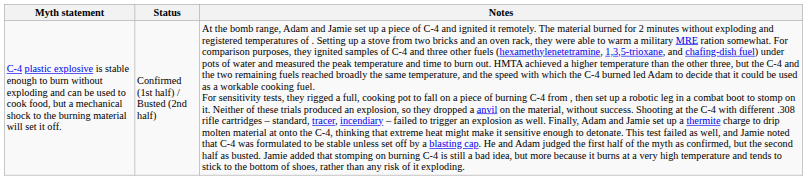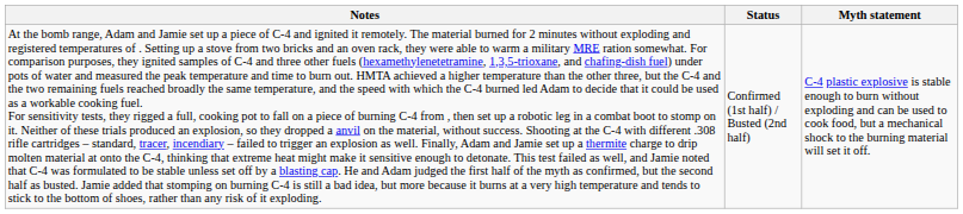 <table class="wikitable plainrowheaders">
 <tr>
+<th>Notes</th>
+<th>Status</th>
 <th>Myth statement</th>
-<th>Status</th>
-<th>Notes</th>
 </tr>
 <tr>
+<td>At the bomb range, Adam and Jamie set up a piece of C-4 and ignited it remotely. The material burned for 2 minutes without exploding and registered temperatures of . Setting up a stove from two bricks and an oven rack, they were able to warm a military <a href='#'>MRE</a> ration somewhat. For comparison purposes, they ignited  samples of C-4 and three other fuels (<a href='#'>hexamethylenetetramine</a>, <a href='#'>1,3,5-trioxane</a>, and <a href='#'>chafing-dish fuel</a>) under pots of water and measured the peak temperature and time to burn out. HMTA achieved a higher temperature than the other three, but the C-4 and the two remaining fuels reached broadly the same temperature, and the speed with which the C-4 burned led Adam to decide that it could be used as a workable cooking fuel.<br>For sensitivity tests, they rigged a full,  cooking pot to fall on a piece of burning C-4 from , then set up a robotic leg in a combat boot to stomp on it. Neither of these trials produced an explosion, so they dropped a   <a href='#'>anvil</a> on the material, without success. Shooting at the C-4 with different .308 rifle cartridges – standard, <a href='#'>tracer</a>, <a href='#'>incendiary</a> – failed to trigger an explosion as well. Finally, Adam and Jamie set up a <a href='#'>thermite</a> charge to drip molten material at  onto the C-4, thinking that extreme heat might make it sensitive enough to detonate. This test failed as well, and Jamie noted that C-4 was formulated to be stable unless set off by a <a href='#'>blasting cap</a>. He and Adam judged the first half of the myth as confirmed, but the second half as busted. Jamie added that stomping on burning C-4 is still a bad idea, but more because it burns at a very high temperature and tends to stick to the bottom of shoes, rather than any risk of it exploding.</td>
+<td><span>Confirmed</span> (1st half) / <span>Busted</span> (2nd half)</td>
 <td><a href='#'>C-4</a> <a href='#'>plastic explosive</a> is stable enough to burn without exploding and can be used to cook food, but a mechanical shock to the burning material will set it off.</td>
-<td><span>Confirmed</span> (1st half) / <span>Busted</span> (2nd half)</td>
-<td>At the bomb range, Adam and Jamie set up a piece of C-4 and ignited it remotely. The material burned for 2 minutes without exploding and registered temperatures of . Setting up a stove from two bricks and an oven rack, they were able to warm a military <a href='#'>MRE</a> ration somewhat. For comparison purposes, they ignited  samples of C-4 and three other fuels (<a href='#'>hexamethylenetetramine</a>, <a href='#'>1,3,5-trioxane</a>, and <a href='#'>chafing-dish fuel</a>) under pots of water and measured the peak temperature and time to burn out. HMTA achieved a higher temperature than the other three, but the C-4 and the two remaining fuels reached broadly the same temperature, and the speed with which the C-4 burned led Adam to decide that it could be used as a workable cooking fuel.<br>For sensitivity tests, they rigged a full,  cooking pot to fall on a piece of burning C-4 from , then set up a robotic leg in a combat boot to stomp on it. Neither of these trials produced an explosion, so they dropped a   <a href='#'>anvil</a> on the material, without success. Shooting at the C-4 with different .308 rifle cartridges – standard, <a href='#'>tracer</a>, <a href='#'>incendiary</a> – failed to trigger an explosion as well. Finally, Adam and Jamie set up a <a href='#'>thermite</a> charge to drip molten material at  onto the C-4, thinking that extreme heat might make it sensitive enough to detonate. This test failed as well, and Jamie noted that C-4 was formulated to be stable unless set off by a <a href='#'>blasting cap</a>. He and Adam judged the first half of the myth as confirmed, but the second half as busted. Jamie added that stomping on burning C-4 is still a bad idea, but more because it burns at a very high temperature and tends to stick to the bottom of shoes, rather than any risk of it exploding.</td>
 </tr>
 </table>
